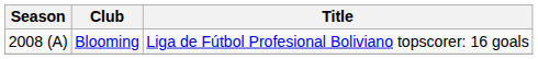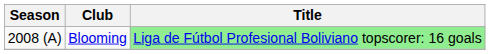 <table class="wikitable">
 <tr>
 <th>Season</th>
 <th>Club</th>
 <th>Title</th>
 </tr>
 <tr>
 <td>2008 (A)</td>
 <td><a href='#'>Blooming</a></td>
-<td><a href='#'>Liga de Fútbol Profesional Boliviano</a> topscorer: 16 goals</td>
+<td style="background: lightgreen;"><a href='#'>Liga de Fútbol Profesional Boliviano</a> topscorer: 16 goals</td>
 </tr>
 <tr>
 </tr>
 </table>
